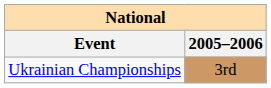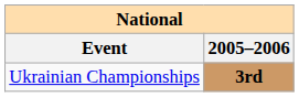 <table class="wikitable" style="text-align:center">
 <tr>
 <th style="background-color: #ffdead; " colspan=2 align=center>National</th>
 </tr>
 <tr>
 <th>Event</th>
 <th>2005–2006</th>
 </tr>
 <tr>
 <td align=left><a href='#'>Ukrainian Championships</a></td>
-<td bgcolor=cc9966>3rd</td>
+<td bgcolor=cc9966><strong>3rd</strong></td>
 </tr>
 </table>
